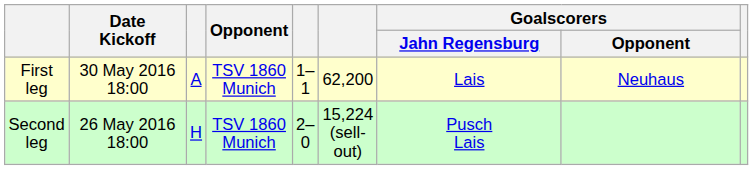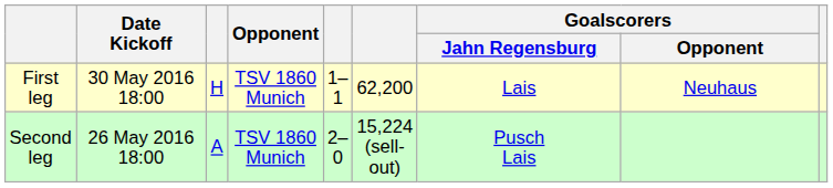 <table class="wikitable" Style="text-align: center;font-size:85%">
 <tr>
 <th rowspan="2"></th>
 <th rowspan="2" style="width:110px">Date<br>Kickoff</th>
 <th rowspan="2"></th>
 <th rowspan="2">Opponent</th>
 <th rowspan="2"><br></th>
 <th rowspan="2"></th>
 <th colspan="2">Goalscorers</th>
 <th rowspan="2"></th>
 </tr>
 <tr>
 <th style="width:175px"><a href='#'>Jahn Regensburg</a></th>
 <th style="width:175px">Opponent</th>
 </tr>
 <tr style="background:#FFFFCC">
 <td>First leg</td>
 <td>30 May 2016 18:00</td>
-<td><a href='#'>A</a></td>
+<td><a href='#'>H</a></td>
 <td><a href='#'>TSV 1860 Munich</a></td>
 <td>1–1</td>
 <td>62,200</td>
 <td><a href='#'>Lais</a> </td>
 <td><a href='#'>Neuhaus</a> </td>
 <td></td>
 </tr>
 <tr style="background:#CCFFCC;">
 <td>Second leg</td>
 <td>26 May 2016 18:00</td>
-<td><a href='#'>H</a></td>
+<td><a href='#'>A</a></td>
 <td><a href='#'>TSV 1860 Munich</a></td>
 <td>2–0</td>
 <td>15,224 (sell-out)</td>
 <td><a href='#'>Pusch</a> <br> <a href='#'>Lais</a> </td>
 <td></td>
 <td></td>
 </tr>
 </table>
